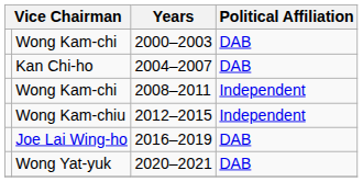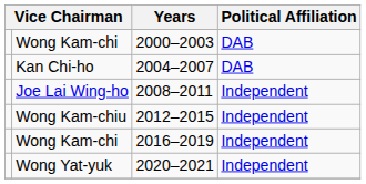 <table class="wikitable">
 <tr>
 <th colspan=2>Vice Chairman</th>
 <th>Years</th>
 <th>Political Affiliation</th>
 </tr>
 <tr>
 <td style="color:inherit;background:"></td>
 <td>Wong Kam-chi</td>
 <td>2000–2003</td>
 <td><a href='#'>DAB</a></td>
 </tr>
 <tr>
 <td style="color:inherit;background: "></td>
 <td>Kan Chi-ho</td>
 <td>2004–2007</td>
 <td><a href='#'>DAB</a></td>
 </tr>
 <tr>
 <td style="color:inherit;background:"></td>
-<td>Wong Kam-chi</td>
+<td><a href='#'>Joe Lai Wing-ho</a></td>
 <td>2008–2011</td>
 <td><a href='#'>Independent</a></td>
 </tr>
 <tr>
 <td style="color:inherit;background:"></td>
 <td>Wong Kam-chiu</td>
 <td>2012–2015</td>
 <td><a href='#'>Independent</a></td>
 </tr>
 <tr>
 <td style="color:inherit;background: "></td>
-<td><a href='#'>Joe Lai Wing-ho</a></td>
+<td>Wong Kam-chi</td>
 <td>2016–2019</td>
-<td><a href='#'>DAB</a></td>
+<td><a href='#'>Independent</a></td>
 </tr>
 <tr>
 <td style="color:inherit;background:"></td>
 <td>Wong Yat-yuk</td>
 <td>2020–2021</td>
-<td><a href='#'>DAB</a></td>
+<td><a href='#'>Independent</a></td>
 </tr>
 <tr>
 </tr>
 </table>
